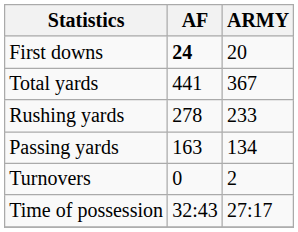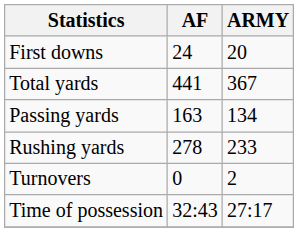 <table class="wikitable" style="float: left;">
 <tr>
 <th>Statistics</th>
 <th>AF</th>
 <th>ARMY</th>
 </tr>
 <tr>
 <td>First downs</td>
-<td><strong>24</strong></td>
+<td>24</td>
 <td>20</td>
 </tr>
 <tr>
 <td>Total yards</td>
 <td>441</td>
 <td>367</td>
 </tr>
 <tr>
+<td>Passing yards</td>
+<td>163</td>
+<td>134</td>
+</tr>
+<tr>
 <td>Rushing yards</td>
 <td>278</td>
 <td>233</td>
-</tr>
-<tr>
-<td>Passing yards</td>
-<td>163</td>
-<td>134</td>
 </tr>
 <tr>
 <td>Turnovers</td>
 <td>0</td>
 <td>2</td>
 </tr>
 <tr>
 <td>Time of possession</td>
 <td>32:43</td>
 <td>27:17</td>
 </tr>
 <tr>
 </tr>
 </table>
